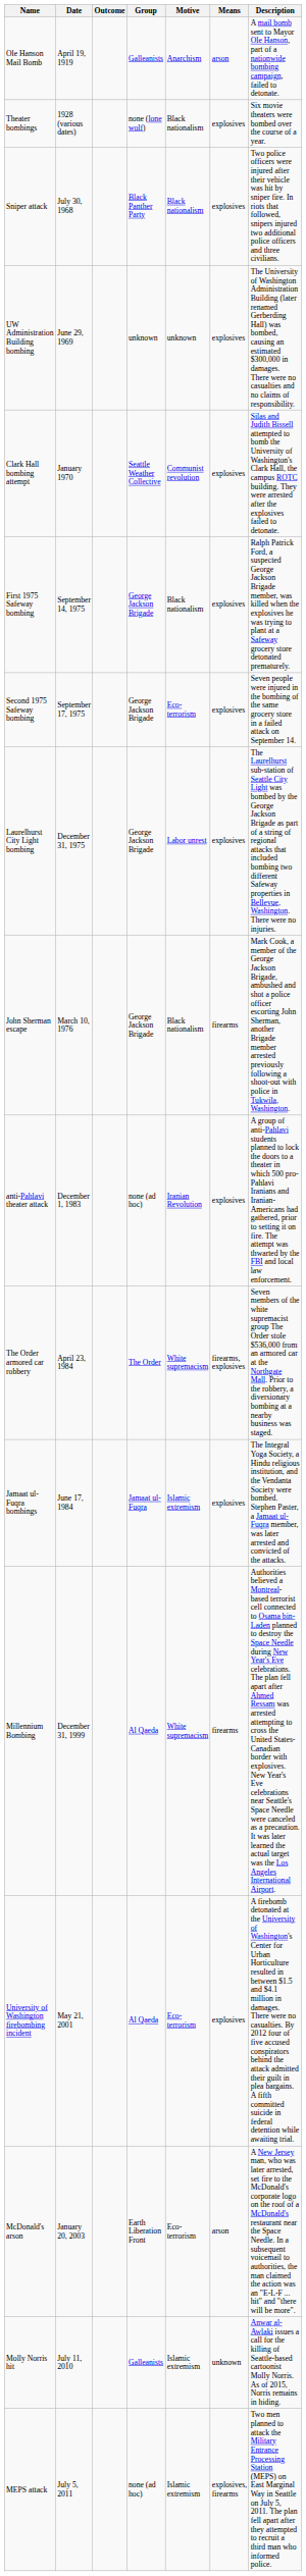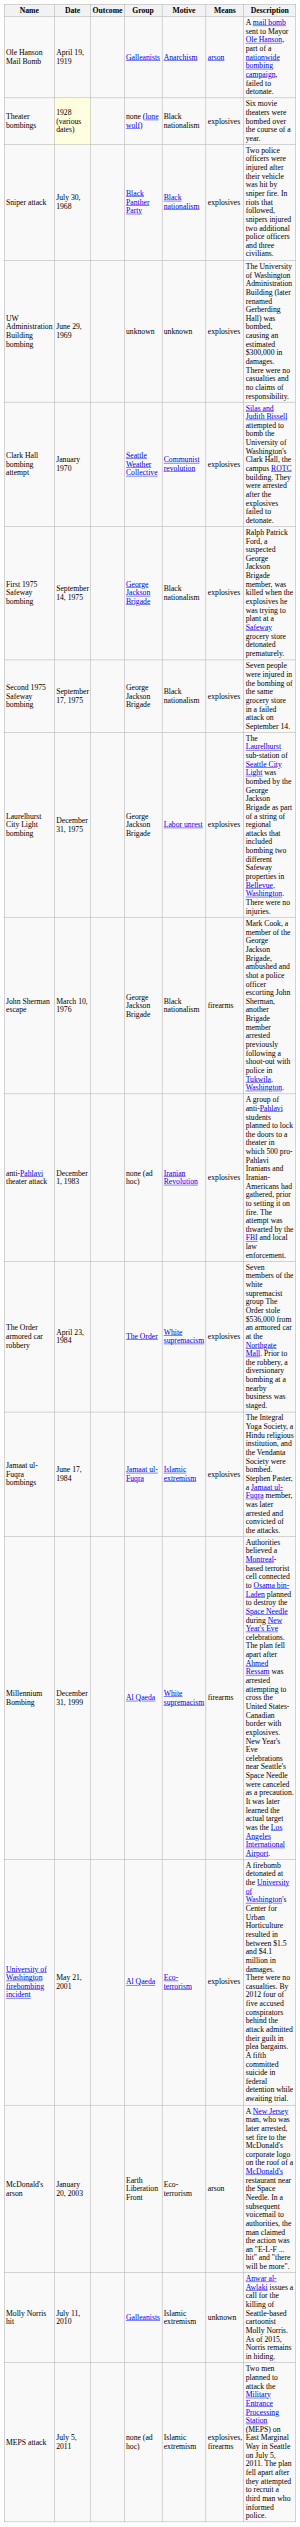 <table class="wikitable sortable">
 <tr>
 <th>Name</th>
 <th>Date</th>
 <th>Outcome</th>
 <th>Group</th>
 <th>Motive</th>
 <th>Means</th>
 <th>Description</th>
 </tr>
 <tr>
 <td>Ole Hanson Mail Bomb</td>
 <td>April 19, 1919</td>
 <td></td>
 <td><a href='#'>Galleanists</a></td>
 <td><a href='#'>Anarchism</a></td>
 <td><a href='#'>arson</a></td>
 <td>A <a href='#'>mail bomb</a> sent to Mayor <a href='#'>Ole Hanson</a>, part of a <a href='#'>nationwide bombing campaign</a>, failed to detonate.</td>
 </tr>
 <tr>
 <td>Theater bombings</td>
-<td>1928 (various dates)</td>
+<td style="background: lightyellow;">1928 (various dates)</td>
 <td></td>
 <td>none (<a href='#'>lone wolf</a>)</td>
 <td>Black nationalism</td>
 <td>explosives</td>
 <td>Six movie theaters were bombed over the course of a year.</td>
 </tr>
 <tr>
 <td>Sniper attack</td>
 <td>July 30, 1968</td>
 <td></td>
 <td><a href='#'>Black Panther Party</a></td>
 <td><a href='#'>Black nationalism</a></td>
 <td>explosives</td>
 <td>Two police officers were injured after their vehicle was hit by sniper fire. In riots that followed, snipers injured two additional police officers and three civilians.</td>
 </tr>
 <tr>
 <td>UW Administration Building bombing</td>
 <td>June 29, 1969</td>
 <td></td>
 <td>unknown</td>
 <td>unknown</td>
 <td>explosives</td>
 <td>The University of Washington Administration Building (later renamed Gerberding Hall) was bombed, causing an estimated $300,000 in damages. There were no casualties and no claims of responsibility.</td>
 </tr>
 <tr>
 <td>Clark Hall bombing attempt</td>
 <td>January 1970</td>
 <td></td>
 <td><a href='#'>Seattle Weather Collective</a></td>
 <td><a href='#'>Communist revolution</a></td>
 <td>explosives</td>
 <td><a href='#'>Silas and Judith Bissell</a> attempted to bomb the University of Washington's Clark Hall, the campus <a href='#'>ROTC</a> building. They were arrested after the explosives failed to detonate.</td>
 </tr>
 <tr>
 <td>First 1975 Safeway bombing</td>
 <td>September 14, 1975</td>
 <td></td>
 <td><a href='#'>George Jackson Brigade</a></td>
 <td>Black nationalism</td>
 <td>explosives</td>
 <td>Ralph Patrick Ford, a suspected George Jackson Brigade member, was killed when the explosives he was trying to plant at a <a href='#'>Safeway</a> grocery store detonated prematurely.</td>
 </tr>
 <tr>
 <td>Second 1975 Safeway bombing</td>
 <td>September 17, 1975</td>
 <td></td>
 <td>George Jackson Brigade</td>
-<td><a href='#'>Eco-terrorism</a></td>
+<td>Black nationalism</td>
 <td>explosives</td>
 <td>Seven people were injured in the bombing of the same grocery store in a failed attack on September 14.</td>
 </tr>
 <tr>
 <td>Laurelhurst City Light bombing</td>
 <td>December 31, 1975</td>
 <td></td>
 <td>George Jackson Brigade</td>
 <td><a href='#'>Labor unrest</a></td>
 <td>explosives</td>
 <td>The <a href='#'>Laurelhurst</a> sub-station of <a href='#'>Seattle City Light</a> was bombed by the George Jackson Brigade as part of a string of regional attacks that included bombing two different Safeway properties in <a href='#'>Bellevue, Washington</a>. There were no injuries.</td>
 </tr>
 <tr>
 <td>John Sherman escape</td>
 <td>March 10, 1976</td>
 <td></td>
 <td>George Jackson Brigade</td>
 <td>Black nationalism</td>
 <td>firearms</td>
 <td>Mark Cook, a member of the George Jackson Brigade, ambushed and shot a police officer escorting John Sherman, another Brigade member arrested previously following a shoot-out with police in <a href='#'>Tukwila, Washington</a>.</td>
 </tr>
 <tr>
 <td>anti-<a href='#'>Pahlavi</a> theater attack</td>
 <td>December 1, 1983</td>
 <td></td>
 <td>none (ad hoc)</td>
 <td><a href='#'>Iranian Revolution</a></td>
 <td>explosives</td>
 <td>A group of anti-<a href='#'>Pahlavi</a> students planned to lock the doors to a theater in which 500 pro-Pahlavi Iranians and Iranian-Americans had gathered, prior to setting it on fire. The attempt was thwarted by the <a href='#'>FBI</a> and local law enforcement.</td>
 </tr>
 <tr>
 <td>The Order armored car robbery</td>
 <td>April 23, 1984</td>
 <td></td>
 <td><a href='#'>The Order</a></td>
 <td><a href='#'>White supremacism</a></td>
-<td>firearms, explosives</td>
+<td>explosives</td>
 <td>Seven members of  the white supremacist group The Order stole $536,000 from an armored car at the <a href='#'>Northgate Mall</a>. Prior to the robbery, a diversionary bombing at a nearby business was staged.</td>
 </tr>
 <tr>
 <td>Jamaat ul-Fuqra bombings</td>
 <td>June 17, 1984</td>
 <td></td>
 <td><a href='#'>Jamaat ul-Fuqra</a></td>
 <td><a href='#'>Islamic extremism</a></td>
 <td>explosives</td>
 <td>The Integral Yoga Society, a Hindu religious institution, and the Vendanta Society were bombed. Stephen Paster, a <a href='#'>Jamaat ul-Fuqra</a> member, was later arrested and convicted of the attacks.</td>
 </tr>
 <tr>
 <td>Millennium Bombing</td>
 <td>December 31, 1999</td>
 <td></td>
 <td><a href='#'>Al Qaeda</a></td>
 <td><a href='#'>White supremacism</a></td>
 <td>firearms</td>
 <td>Authorities believed a <a href='#'>Montreal</a>-based terrorist cell connected to <a href='#'>Osama bin-Laden</a> planned to destroy the <a href='#'>Space Needle</a> during <a href='#'>New Year's Eve</a> celebrations. The plan fell apart after <a href='#'>Ahmed Ressam</a> was arrested attempting to cross the United States-Canadian border with explosives. New Year's Eve celebrations near Seattle's Space Needle were canceled as a precaution. It was later learned the actual target was the <a href='#'>Los Angeles International Airport</a>.</td>
 </tr>
 <tr>
 <td><a href='#'>University of Washington firebombing incident</a></td>
 <td>May 21, 2001</td>
 <td></td>
 <td><a href='#'>Al Qaeda</a></td>
 <td><a href='#'>Eco-terrorism</a></td>
 <td>explosives</td>
 <td>A firebomb detonated at the <a href='#'>University of Washington</a>'s Center for Urban Horticulture resulted in between $1.5 and $4.1 million in damages. There were no casualties. By 2012 four of five accused conspirators behind the attack admitted their guilt in plea bargains. A fifth committed suicide in federal detention while awaiting trial.</td>
 </tr>
 <tr>
 <td>McDonald's arson</td>
 <td>January 20, 2003</td>
 <td></td>
 <td>Earth Liberation Front</td>
 <td>Eco-terrorism</td>
 <td>arson</td>
 <td>A <a href='#'>New Jersey</a> man, who was later arrested, set fire to the McDonald's corporate logo on the roof of a <a href='#'>McDonald's</a> restaurant near the Space Needle. In a subsequent voicemail to authorities, the man claimed the action was an "E-L-F ... hit" and "there will be more".</td>
 </tr>
 <tr>
 <td>Molly Norris hit</td>
 <td>July 11, 2010</td>
 <td></td>
 <td><a href='#'>Galleanists</a></td>
 <td>Islamic extremism</td>
 <td>unknown</td>
 <td><a href='#'>Anwar al-Awlaki</a> issues a call for the killing of Seattle-based cartoonist Molly Norris. As of 2015, Norris remains in hiding.</td>
 </tr>
 <tr>
 <td>MEPS attack</td>
 <td>July 5, 2011</td>
 <td></td>
 <td>none (ad hoc)</td>
 <td>Islamic extremism</td>
 <td>explosives, firearms</td>
 <td>Two men planned to attack the <a href='#'>Military Entrance Processing Station</a> (MEPS) on East Marginal Way in Seattle on July 5, 2011. The plan fell apart after they attempted to recruit a third man who informed police.</td>
 </tr>
 </table>
